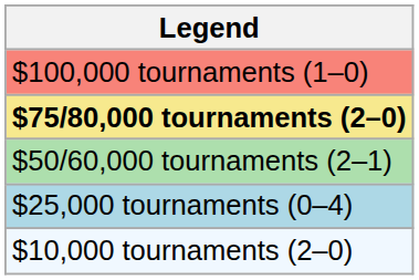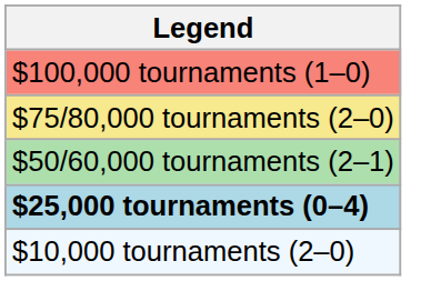 <table class="wikitable" style="font-size:85%;">
 <tr>
 <th>Legend</th>
 </tr>
 <tr style="background:#f88379;">
 <td>$100,000 tournaments (1–0)</td>
 </tr>
 <tr style="background:#f7e98e;">
-<td><strong>$75/80,000 tournaments (2–0)</strong></td>
+<td>$75/80,000 tournaments (2–0)</td>
 </tr>
 <tr style="background:#addfad;">
 <td>$50/60,000 tournaments (2–1)</td>
 </tr>
 <tr style="background:lightblue;">
-<td>$25,000 tournaments (0–4)</td>
+<td><strong>$25,000 tournaments (0–4)</strong></td>
 </tr>
 <tr style="background:#f0f8ff;">
 <td>$10,000 tournaments (2–0)</td>
 </tr>
 </table>
